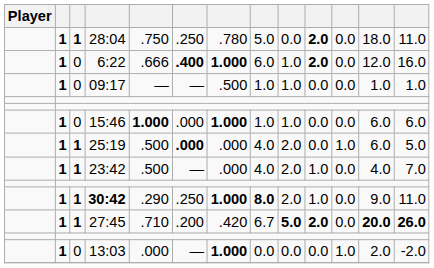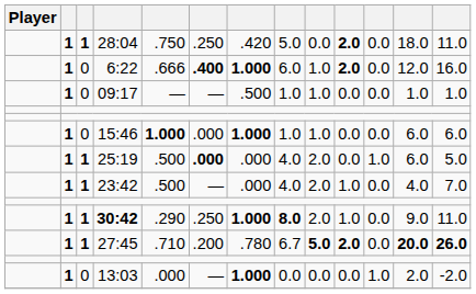 <table class="wikitable sortable" style="font-size:95%; text-align:right;">
 <tr>
 <th>Player</th>
 <th></th>
 <th></th>
 <th></th>
 <th></th>
 <th></th>
 <th></th>
 <th></th>
 <th></th>
 <th></th>
 <th></th>
 <th></th>
 <th></th>
 </tr>
 <tr>
 <td><strong></strong></td>
 <td><strong>1</strong></td>
 <td><strong>1</strong></td>
 <td>28:04</td>
 <td>.750</td>
 <td>.250</td>
-<td>.780</td>
+<td>.420</td>
 <td>5.0</td>
 <td>0.0</td>
 <td><strong>2.0</strong></td>
 <td>0.0</td>
 <td>18.0</td>
 <td>11.0</td>
 </tr>
 <tr>
 <td><strong></strong></td>
 <td><strong>1</strong></td>
 <td>0</td>
 <td>6:22</td>
 <td>.666</td>
 <td><strong>.400</strong></td>
 <td><strong>1.000</strong></td>
 <td>6.0</td>
 <td>1.0</td>
 <td><strong>2.0</strong></td>
 <td>0.0</td>
 <td>12.0</td>
 <td>16.0</td>
 </tr>
 <tr>
 <td><strong></strong></td>
 <td><strong>1</strong></td>
 <td>0</td>
 <td>09:17</td>
 <td>—</td>
 <td>—</td>
 <td>.500</td>
 <td>1.0</td>
 <td>1.0</td>
 <td>0.0</td>
 <td>0.0</td>
 <td>1.0</td>
 <td>1.0</td>
 </tr>
 <tr>
 <td><strong></strong></td>
 <td colspan=12 data-sort-value="-50"></td>
 </tr>
 <tr>
 <td><strong></strong></td>
 <td colspan=12 data-sort-value="-50"></td>
 </tr>
 <tr>
 <td><strong></strong></td>
 <td><strong>1</strong></td>
 <td>0</td>
 <td>15:46</td>
 <td><strong>1.000</strong></td>
 <td>.000</td>
 <td><strong>1.000</strong></td>
 <td>1.0</td>
 <td>1.0</td>
 <td>0.0</td>
 <td>0.0</td>
 <td>6.0</td>
 <td>6.0</td>
 </tr>
 <tr>
 <td><strong></strong></td>
 <td><strong>1</strong></td>
 <td><strong>1</strong></td>
 <td>25:19</td>
 <td>.500</td>
 <td><strong>.000</strong></td>
 <td>.000</td>
 <td>4.0</td>
 <td>2.0</td>
 <td>0.0</td>
 <td>1.0</td>
 <td>6.0</td>
 <td>5.0</td>
 </tr>
 <tr>
 <td><strong></strong></td>
 <td><strong>1</strong></td>
 <td><strong>1</strong></td>
 <td>23:42</td>
 <td>.500</td>
 <td>—</td>
 <td>.000</td>
 <td>4.0</td>
 <td>2.0</td>
 <td>1.0</td>
 <td>0.0</td>
 <td>4.0</td>
 <td>7.0</td>
 </tr>
 <tr>
 <td><strong></strong></td>
 <td colspan=12 data-sort-value="-50"></td>
 </tr>
 <tr>
 <td><strong></strong></td>
 <td><strong>1</strong></td>
 <td><strong>1</strong></td>
 <td><strong>30:42</strong></td>
 <td>.290</td>
 <td>.250</td>
 <td><strong>1.000</strong></td>
 <td><strong>8.0</strong></td>
 <td>2.0</td>
 <td>1.0</td>
 <td>0.0</td>
 <td>9.0</td>
 <td>11.0</td>
 </tr>
 <tr>
 <td><strong></strong></td>
 <td><strong>1</strong></td>
 <td><strong>1</strong></td>
 <td>27:45</td>
 <td>.710</td>
 <td>.200</td>
-<td>.420</td>
+<td>.780</td>
 <td>6.7</td>
 <td><strong>5.0</strong></td>
 <td><strong>2.0</strong></td>
 <td>0.0</td>
 <td><strong>20.0</strong></td>
 <td><strong>26.0</strong></td>
 </tr>
 <tr>
 <td><strong></strong></td>
 <td colspan=12 data-sort-value="-50"></td>
 </tr>
 <tr>
 <td><strong></strong></td>
 <td><strong>1</strong></td>
 <td>0</td>
 <td>13:03</td>
 <td>.000</td>
 <td>—</td>
 <td><strong>1.000</strong></td>
 <td>0.0</td>
 <td>0.0</td>
 <td>0.0</td>
 <td>1.0</td>
 <td>2.0</td>
 <td>-2.0</td>
 </tr>
 <tr>
 </tr>
 </table>
